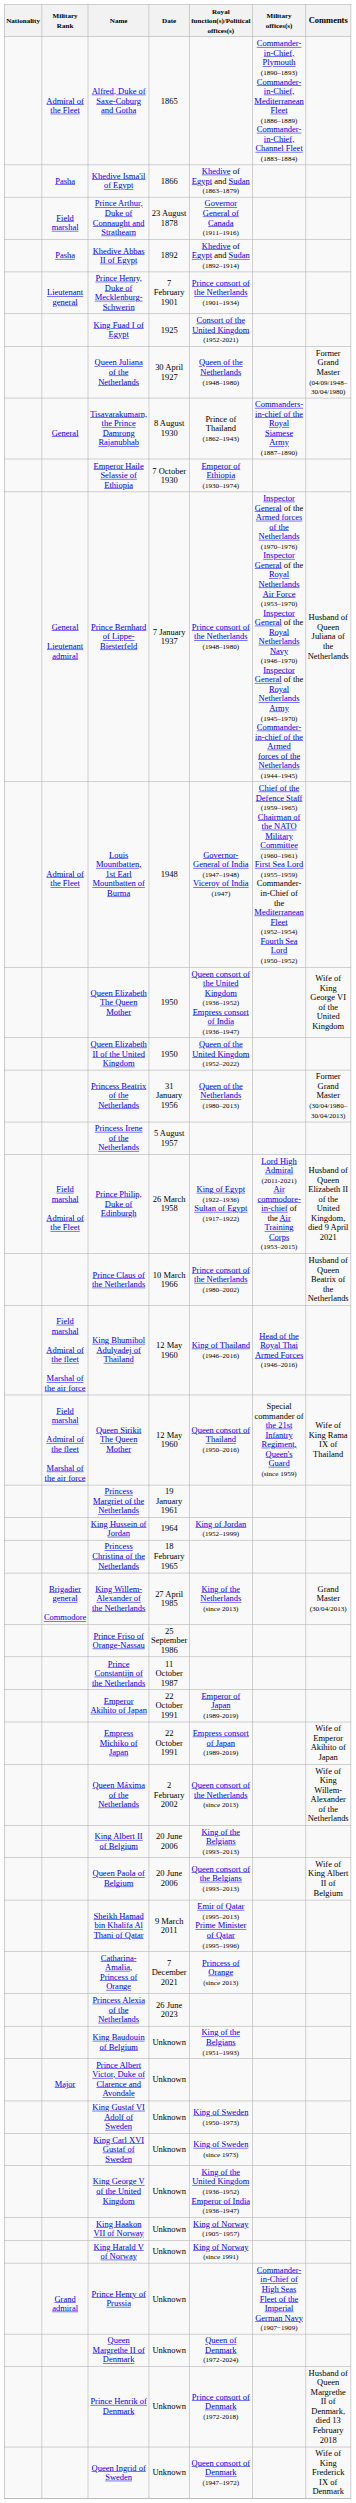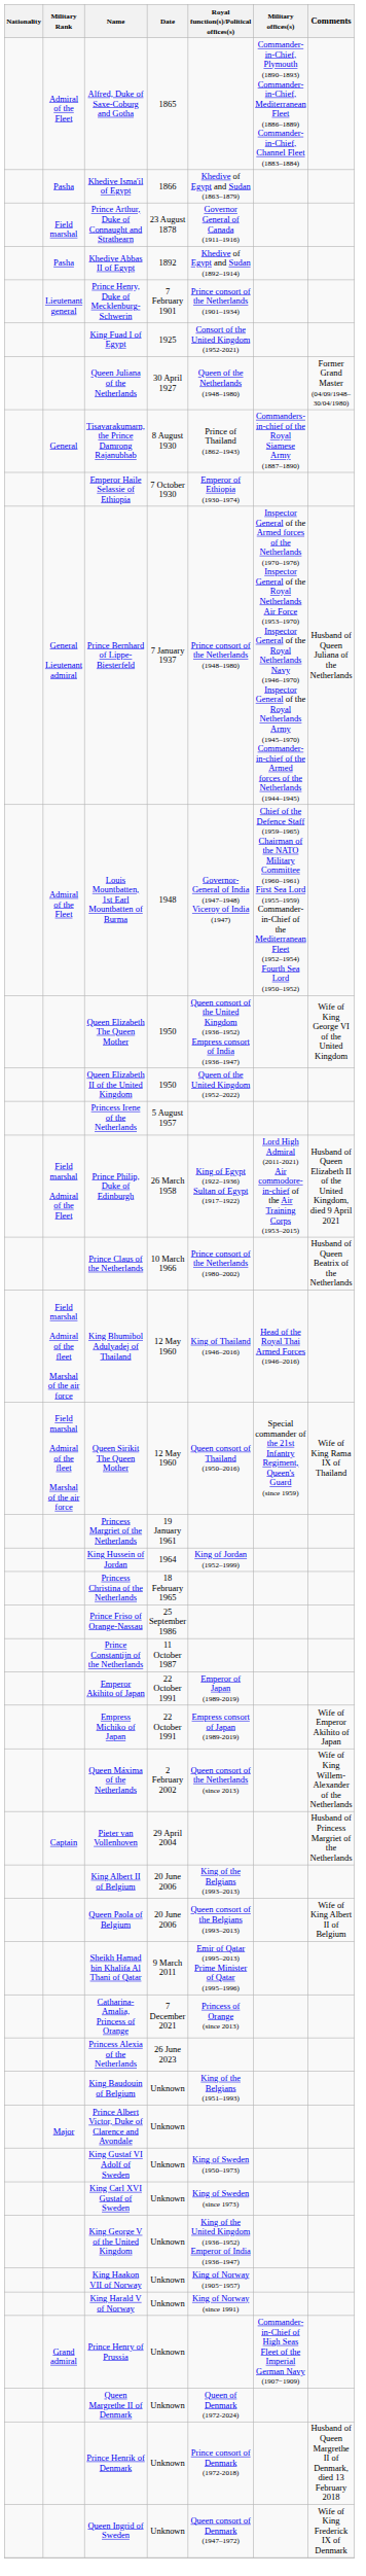 <table class="wikitable sortable" style="text-align:center">
 <tr>
 <th style="width:05%;"><small>Nationality</small></th>
 <th style="width:05%;"><small>Military Rank</small></th>
 <th style="width:22%;"><small>Name</small></th>
 <th style="width:08%;"><small>Date</small></th>
 <th style="width:22%;"><small>Royal function(s)/Political offices(s)</small></th>
 <th style="width:22%;"><small>Military offices(s)</small></th>
 <th scope="col" class="unsortable" style="width:40%;">Comments</th>
 </tr>
 <tr>
 <td></td>
 <td> <br> <a href='#'>Admiral of the Fleet</a></td>
 <td><a href='#'>Alfred, Duke of Saxe-Coburg and Gotha</a></td>
 <td>1865</td>
 <td></td>
 <td><a href='#'>Commander-in-Chief, Plymouth</a> <br> <small>(1890–1893)</small> <br> <a href='#'>Commander-in-Chief, Mediterranean Fleet</a> <br> <small>(1886–1889)</small> <br> <a href='#'>Commander-in-Chief, Channel Fleet</a> <br> <small>(1883–1884)</small></td>
 <td></td>
 </tr>
 <tr>
 <td></td>
 <td><a href='#'>Pasha</a></td>
 <td><a href='#'>Khedive Isma'il of Egypt</a></td>
 <td>1866</td>
 <td><a href='#'>Khedive</a> of <a href='#'>Egypt</a> and <a href='#'>Sudan</a> <br> <small>(1863–1879)</small></td>
 <td></td>
 <td></td>
 </tr>
 <tr>
 <td></td>
 <td> <br> <a href='#'>Field marshal</a></td>
 <td><a href='#'>Prince Arthur, Duke of Connaught and Strathearn</a></td>
 <td>23 August 1878</td>
 <td><a href='#'>Governor General of Canada</a> <br> <small>(1911–1916)</small></td>
 <td></td>
 <td></td>
 </tr>
 <tr>
 <td></td>
 <td><a href='#'>Pasha</a></td>
 <td><a href='#'>Khedive Abbas II of Egypt</a></td>
 <td>1892</td>
 <td><a href='#'>Khedive</a> of <a href='#'>Egypt</a> and <a href='#'>Sudan</a> <br> <small>(1892–1914)</small></td>
 <td></td>
 <td></td>
 </tr>
 <tr>
 <td></td>
 <td> <br> <a href='#'>Lieutenant general</a></td>
 <td><a href='#'>Prince Henry, Duke of Mecklenburg-Schwerin</a></td>
 <td>7 February 1901</td>
 <td><a href='#'>Prince consort of the Netherlands</a> <br> <small>(1901–1934)</small></td>
 <td></td>
 <td></td>
 </tr>
 <tr>
 <td></td>
 <td></td>
 <td><a href='#'>King Fuad I of Egypt</a></td>
 <td>1925</td>
 <td><a href='#'>Consort of the United Kingdom</a> <br> <small>(1952-2021)</small></td>
 <td></td>
 <td></td>
 </tr>
 <tr>
 <td></td>
 <td></td>
 <td><a href='#'>Queen Juliana of the Netherlands</a></td>
 <td>30 April 1927</td>
 <td><a href='#'>Queen of the Netherlands</a>  <br><small>(1948–1980)</small></td>
 <td></td>
 <td>Former Grand Master <small>(04/09/1948–30/04/1980)</small></td>
 </tr>
 <tr>
 <td></td>
 <td> <br> <a href='#'>General</a></td>
 <td><a href='#'>Tisavarakumarn, the Prince Damrong Rajanubhab</a></td>
 <td>8 August 1930</td>
 <td>Prince of Thailand <br> <small>(1862–1943)</small></td>
 <td><a href='#'>Commanders-in-chief of the Royal Siamese Army</a>  <br> <small>(1887–1890)</small></td>
 </tr>
 <tr>
 <td></td>
 <td></td>
 <td><a href='#'>Emperor Haile Selassie of Ethiopia</a></td>
 <td>7 October 1930</td>
 <td><a href='#'>Emperor of Ethiopia</a> <br> <small>(1930–1974)</small></td>
 <td></td>
 <td></td>
 </tr>
 <tr>
 <td></td>
 <td> <br> <a href='#'>General</a> <br>  <br> <a href='#'>Lieutenant admiral</a></td>
 <td><a href='#'>Prince Bernhard of Lippe-Biesterfeld</a></td>
 <td>7 January 1937</td>
 <td><a href='#'>Prince consort of the Netherlands</a> <br> <small>(1948–1980)</small></td>
 <td><a href='#'>Inspector General</a> of the <a href='#'>Armed forces of the Netherlands</a> <br> <small>(1970–1976)</small> <br> <a href='#'>Inspector General</a> of the <a href='#'>Royal Netherlands Air Force</a> <br> <small>(1953–1970)</small> <br> <a href='#'>Inspector General</a> of the <a href='#'>Royal Netherlands Navy</a> <br> <small>(1946–1970)</small> <br> <a href='#'>Inspector General</a> of the <a href='#'>Royal Netherlands Army</a> <br> <small>(1945–1970)</small> <br> <a href='#'>Commander-in-chief of the Armed <br> forces of the Netherlands</a> <br> <small>(1944–1945)</small></td>
 <td>Husband of Queen Juliana of the Netherlands</td>
 </tr>
 <tr>
 <td></td>
 <td> <br> <a href='#'>Admiral of the Fleet</a></td>
 <td><a href='#'>Louis Mountbatten, 1st Earl Mountbatten of Burma</a></td>
 <td>1948</td>
 <td><a href='#'>Governor-General of India</a> <br> <small>(1947–1948)</small> <br> <a href='#'>Viceroy of India</a> <br> <small>(1947)</small></td>
 <td><a href='#'>Chief of the Defence Staff</a> <br> <small>(1959–1965)</small> <br> <a href='#'>Chairman of the NATO Military Committee</a> <br> <small>(1960–1961)</small> <br> <a href='#'>First Sea Lord</a> <br> <small>(1955–1959)</small> <br> Commander-in-Chief of the <a href='#'>Mediterranean Fleet</a> <br> <small>(1952–1954)</small> <br> <a href='#'>Fourth Sea Lord</a> <br> <small>(1950–1952)</small></td>
 <td></td>
 </tr>
 <tr>
 <td></td>
 <td></td>
 <td><a href='#'>Queen Elizabeth The Queen Mother</a></td>
 <td>1950</td>
 <td><a href='#'>Queen consort of the United Kingdom</a> <br> <small>(1936–1952)</small> <br> <a href='#'>Empress consort of India</a> <br> <small>(1936–1947)</small></td>
 <td></td>
 <td>Wife of King George VI of the United Kingdom</td>
 </tr>
 <tr>
 <td></td>
 <td></td>
 <td><a href='#'>Queen Elizabeth II of the United Kingdom</a></td>
 <td>1950</td>
 <td><a href='#'>Queen of the United Kingdom</a> <br> <small>(1952–2022)</small></td>
 <td></td>
 <td></td>
 </tr>
 <tr>
 <td></td>
 <td></td>
-<td><a href='#'>Princess Beatrix of the Netherlands</a></td>
-<td>31 January 1956</td>
-<td><a href='#'>Queen of the Netherlands</a> <br> <small>(1980–2013)</small></td>
-<td></td>
-<td>Former Grand Master <small>(30/04/1980–30/04/2013)</small></td>
-</tr>
-<tr>
-<td></td>
-<td></td>
 <td><a href='#'>Princess Irene of the Netherlands</a></td>
 <td>5 August 1957</td>
 <td></td>
 <td></td>
 <td></td>
 </tr>
 <tr>
 <td></td>
 <td> <br> <a href='#'>Field marshal</a> <br>  <br> <a href='#'>Admiral of the Fleet</a></td>
 <td><a href='#'>Prince Philip, Duke of Edinburgh</a></td>
 <td>26 March 1958</td>
 <td><a href='#'>King of Egypt</a> <br> <small>(1922–1936)</small> <br> <a href='#'>Sultan of Egypt</a> <br> <small>(1917–1922)</small></td>
 <td><a href='#'>Lord High Admiral</a> <br> <small>(2011-2021)</small> <br> <a href='#'>Air commodore-in-chief</a> of <br> the <a href='#'>Air Training Corps</a> <br> <small>(1953–2015)</small></td>
 <td>Husband of Queen Elizabeth II of the United Kingdom, died 9 April 2021</td>
 </tr>
 <tr>
 <td></td>
 <td></td>
 <td><a href='#'>Prince Claus of the Netherlands</a></td>
 <td>10 March 1966</td>
 <td><a href='#'>Prince consort of the Netherlands</a> <br> <small>(1980–2002)</small></td>
 <td></td>
 <td>Husband of Queen Beatrix of the Netherlands</td>
 </tr>
 <tr>
 <td></td>
 <td> <br> <a href='#'>Field marshal</a> <br>  <br> <a href='#'>Admiral of the fleet</a> <br>  <br> <a href='#'>Marshal of the air force</a></td>
 <td><a href='#'>King Bhumibol Adulyadej of Thailand</a></td>
 <td>12 May 1960</td>
 <td><a href='#'>King of Thailand</a> <br> <small>(1946–2016)</small></td>
 <td><a href='#'>Head of the Royal Thai Armed Forces</a> <br> <small>(1946–2016)</small></td>
 <td></td>
 </tr>
 <tr>
 <td></td>
 <td> <br> <a href='#'>Field marshal</a> <br>  <br> <a href='#'>Admiral of the fleet</a> <br>  <br> <a href='#'>Marshal of the air force</a></td>
 <td><a href='#'>Queen Sirikit The Queen Mother</a></td>
 <td>12 May 1960</td>
 <td><a href='#'>Queen consort of Thailand</a> <br> <small>(1950–2016)</small></td>
 <td>Special commander of <a href='#'>the 21st Infantry Regiment, Queen's Guard</a><br> <small>(since 1959)</small></td>
 <td>Wife of King Rama IX of Thailand</td>
 </tr>
 <tr>
 <td></td>
 <td></td>
 <td><a href='#'>Princess Margriet of the Netherlands</a></td>
 <td>19 January 1961</td>
 <td></td>
 <td></td>
 <td></td>
 </tr>
 <tr>
 <td></td>
 <td></td>
 <td><a href='#'>King Hussein of Jordan</a></td>
 <td>1964</td>
 <td><a href='#'>King of Jordan</a> <br> <small>(1952–1999)</small></td>
 <td></td>
 <td></td>
 </tr>
 <tr>
 <td></td>
 <td></td>
 <td><a href='#'>Princess Christina of the Netherlands</a></td>
 <td>18 February 1965</td>
 <td></td>
 <td></td>
 <td></td>
 </tr>
 <tr>
 <td></td>
-<td> <br> <a href='#'>Brigadier general</a> <br>  <br> <a href='#'>Commodore</a></td>
-<td><a href='#'>King Willem-Alexander of the Netherlands</a></td>
-<td>27 April 1985</td>
-<td><a href='#'>King of the Netherlands</a> <br> <small>(since 2013)</small></td>
-<td></td>
-<td>Grand Master <small>(30/04/2013)</small></td>
-</tr>
-<tr>
-<td></td>
 <td></td>
 <td><a href='#'>Prince Friso of Orange-Nassau</a></td>
 <td>25 September 1986</td>
 <td></td>
 <td></td>
 <td></td>
 </tr>
 <tr>
 <td></td>
 <td></td>
 <td><a href='#'>Prince Constantijn of the Netherlands</a></td>
 <td>11 October 1987</td>
 <td></td>
 <td></td>
 <td></td>
 </tr>
 <tr>
 <td></td>
 <td></td>
 <td><a href='#'>Emperor Akihito of Japan</a></td>
 <td>22 October 1991</td>
 <td><a href='#'>Emperor of Japan</a> <br> <small>(1989-2019)</small></td>
 <td></td>
 <td></td>
 </tr>
 <tr>
 <td></td>
 <td></td>
 <td><a href='#'>Empress Michiko of Japan</a></td>
 <td>22 October 1991</td>
 <td><a href='#'>Empress consort of Japan</a> <br> <small>(1989-2019)</small></td>
 <td></td>
 <td>Wife of Emperor Akihito of Japan</td>
 </tr>
 <tr>
 <td></td>
 <td></td>
 <td><a href='#'>Queen Máxima of the Netherlands</a></td>
 <td>2 February 2002</td>
 <td><a href='#'>Queen consort of the Netherlands</a> <br> <small>(since 2013)</small></td>
 <td></td>
 <td>Wife of King Willem-Alexander of the Netherlands</td>
+</tr>
+<tr>
+<td></td>
+<td> <br> <a href='#'>Captain</a></td>
+<td><a href='#'>Pieter van Vollenhoven</a></td>
+<td>29 April 2004</td>
+<td></td>
+<td></td>
+<td>Husband of Princess Margriet of the Netherlands</td>
 </tr>
 <tr>
 <td></td>
 <td></td>
 <td><a href='#'>King Albert II of Belgium</a></td>
 <td>20 June 2006</td>
 <td><a href='#'>King of the Belgians</a> <br> <small>(1993–2013)</small></td>
 <td></td>
 <td></td>
 </tr>
 <tr>
 <td></td>
 <td></td>
 <td><a href='#'>Queen Paola of Belgium</a></td>
 <td>20 June 2006</td>
 <td><a href='#'>Queen consort of the Belgians</a> <br> <small>(1993–2013)</small></td>
 <td></td>
 <td>Wife of King Albert II of Belgium</td>
 </tr>
 <tr>
 <td></td>
 <td></td>
 <td><a href='#'>Sheikh Hamad bin Khalifa Al Thani of Qatar</a></td>
 <td>9 March 2011</td>
 <td><a href='#'>Emir of Qatar</a> <br> <small>(1995–2013)</small> <br> <a href='#'>Prime Minister of Qatar</a> <br> <small>(1995–1996)</small></td>
 <td></td>
 <td></td>
 </tr>
 <tr>
 <td></td>
 <td></td>
 <td><a href='#'>Catharina-Amalia, Princess of Orange</a></td>
 <td>7 December 2021</td>
 <td><a href='#'>Princess of Orange</a> <br> <small>(since 2013)</small></td>
 <td></td>
 <td></td>
 </tr>
 <tr>
 <td></td>
 <td></td>
 <td><a href='#'>Princess Alexia of the Netherlands</a></td>
 <td>26 June 2023</td>
 <td></td>
 <td></td>
 <td></td>
 </tr>
 <tr>
 <td></td>
 <td></td>
 <td><a href='#'>King Baudouin of Belgium</a></td>
 <td>Unknown</td>
 <td><a href='#'>King of the Belgians</a> <br> <small>(1951–1993)</small></td>
 <td></td>
 <td></td>
 </tr>
 <tr>
 <td></td>
 <td> <br> <a href='#'>Major</a></td>
 <td><a href='#'>Prince Albert Victor, Duke of Clarence and Avondale</a></td>
 <td>Unknown</td>
 <td></td>
 <td></td>
 <td></td>
 </tr>
 <tr>
 <td></td>
 <td></td>
 <td><a href='#'>King Gustaf VI Adolf of Sweden</a></td>
 <td>Unknown</td>
 <td><a href='#'>King of Sweden</a> <br> <small>(1950–1973)</small></td>
 <td></td>
 <td></td>
 </tr>
 <tr>
 <td></td>
 <td></td>
 <td><a href='#'>King Carl XVI Gustaf of Sweden</a></td>
 <td>Unknown</td>
 <td><a href='#'>King of Sweden</a> <br> <small>(since 1973)</small></td>
 <td></td>
 <td></td>
 </tr>
 <tr>
 <td></td>
 <td></td>
 <td><a href='#'>King George V of the United Kingdom</a></td>
 <td>Unknown</td>
 <td><a href='#'>King of the United Kingdom</a> <br> <small>(1936–1952)</small> <br> <a href='#'>Emperor of India</a> <br> <small>(1936–1947)</small></td>
 <td></td>
 <td></td>
 </tr>
 <tr>
 <td></td>
 <td></td>
 <td><a href='#'>King Haakon VII of Norway</a></td>
 <td>Unknown</td>
 <td><a href='#'>King of Norway</a> <br> <small>(1905−1957)</small></td>
 <td></td>
 <td></td>
 </tr>
 <tr>
 <td></td>
 <td></td>
 <td><a href='#'>King Harald V of Norway</a></td>
 <td>Unknown</td>
 <td><a href='#'>King of Norway</a> <br> <small>(since 1991)</small></td>
 <td></td>
 <td></td>
 </tr>
 <tr>
 <td></td>
 <td> <br> <a href='#'>Grand admiral</a></td>
 <td><a href='#'>Prince Henry of Prussia</a></td>
 <td>Unknown</td>
 <td></td>
 <td><a href='#'>Commander-in-Chief of High Seas <br> Fleet of the Imperial German Navy</a> <br> <small>(1907−1909)</small></td>
 <td></td>
 </tr>
 <tr>
 <td></td>
 <td></td>
 <td><a href='#'>Queen Margrethe II of Denmark</a></td>
 <td>Unknown</td>
 <td><a href='#'>Queen of Denmark</a> <br> <small>(1972-2024)</small></td>
 <td></td>
 <td></td>
 </tr>
 <tr>
 <td></td>
 <td></td>
 <td><a href='#'>Prince Henrik of Denmark</a></td>
 <td>Unknown</td>
 <td><a href='#'>Prince consort of Denmark</a> <br> <small>(1972-2018)</small></td>
 <td></td>
 <td>Husband of Queen Margrethe II of Denmark, died 13 February 2018</td>
 </tr>
 <tr>
 <td></td>
 <td></td>
 <td><a href='#'>Queen Ingrid of Sweden</a></td>
 <td>Unknown</td>
 <td><a href='#'>Queen consort of Denmark</a> <br> <small>(1947–1972)</small></td>
 <td></td>
 <td>Wife of King Frederick IX of Denmark</td>
 </tr>
 <tr>
 </tr>
 </table>
